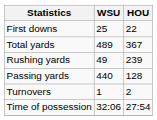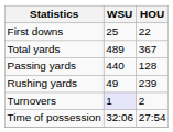 <table class="wikitable" style="float: left;">
 <tr>
 <th>Statistics</th>
 <th>WSU</th>
 <th>HOU</th>
 </tr>
 <tr>
 <td>First downs</td>
 <td>25</td>
 <td>22</td>
 </tr>
 <tr>
 <td>Total yards</td>
 <td>489</td>
 <td>367</td>
 </tr>
 <tr>
+<td>Passing yards</td>
+<td>440</td>
+<td>128</td>
+</tr>
+<tr>
 <td>Rushing yards</td>
 <td>49</td>
 <td>239</td>
 </tr>
 <tr>
-<td>Passing yards</td>
-<td>440</td>
-<td>128</td>
-</tr>
-<tr>
 <td>Turnovers</td>
-<td>1</td>
+<td style="background: lavender;">1</td>
 <td>2</td>
 </tr>
 <tr>
 <td>Time of possession</td>
 <td>32:06</td>
 <td>27:54</td>
 </tr>
 <tr>
 </tr>
 </table>
